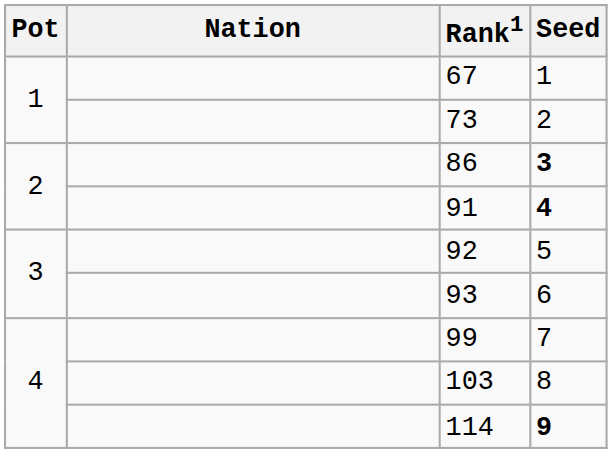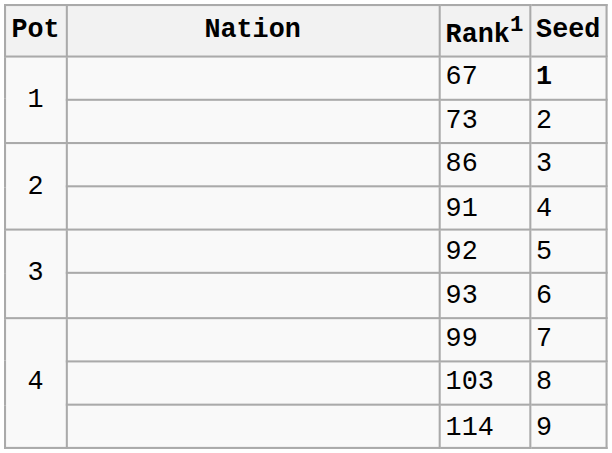 <table class="wikitable">
 <tr>
 <th>Pot</th>
 <th width="175">Nation</th>
 <th>Rank<sup>1</sup></th>
 <th>Seed</th>
 </tr>
 <tr>
 <td rowspan=2 style="text-align:center;">1</td>
 <td></td>
 <td>67</td>
-<td>1</td>
+<td><strong>1</strong></td>
 </tr>
 <tr>
 <td></td>
 <td>73</td>
 <td>2</td>
 </tr>
 <tr>
 <td rowspan=2 style="text-align:center;">2</td>
 <td></td>
 <td>86</td>
-<td><strong>3</strong></td>
+<td>3</td>
 </tr>
 <tr>
 <td></td>
 <td>91</td>
-<td><strong>4</strong></td>
+<td>4</td>
 </tr>
 <tr>
 <td rowspan=2 style="text-align:center;">3</td>
 <td></td>
 <td>92</td>
 <td>5</td>
 </tr>
 <tr>
 <td></td>
 <td>93</td>
 <td>6</td>
 </tr>
 <tr>
 <td rowspan=3 style="text-align:center;">4</td>
 <td></td>
 <td>99</td>
 <td>7</td>
 </tr>
 <tr>
 <td></td>
 <td>103</td>
 <td>8</td>
 </tr>
 <tr>
 <td></td>
 <td>114</td>
-<td><strong>9</strong></td>
+<td>9</td>
 </tr>
 </table>
